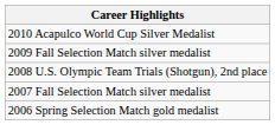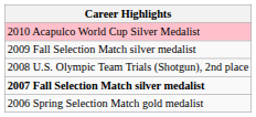 <table class="wikitable">
 <tr>
 <th><strong>Career Highlights</strong></th>
 </tr>
 <tr>
-<td>2010 Acapulco World Cup Silver Medalist</td>
+<td style="background: pink;">2010 Acapulco World Cup Silver Medalist</td>
 </tr>
 <tr>
 <td>2009 Fall Selection Match silver medalist</td>
 </tr>
 <tr>
 <td>2008 U.S. Olympic Team Trials (Shotgun), 2nd place</td>
 </tr>
 <tr>
-<td>2007 Fall Selection Match silver medalist</td>
+<td><strong>2007 Fall Selection Match silver medalist</strong></td>
 </tr>
 <tr>
 <td>2006 Spring Selection Match gold medalist</td>
 </tr>
 </table>
